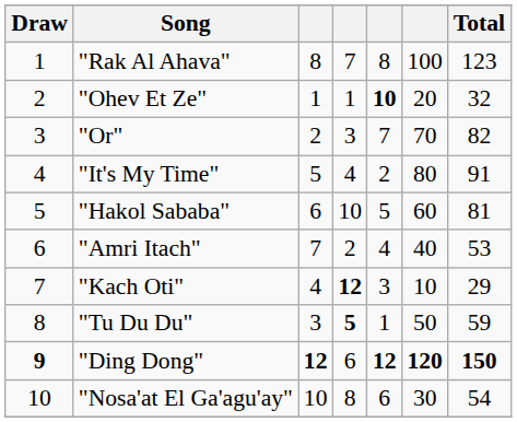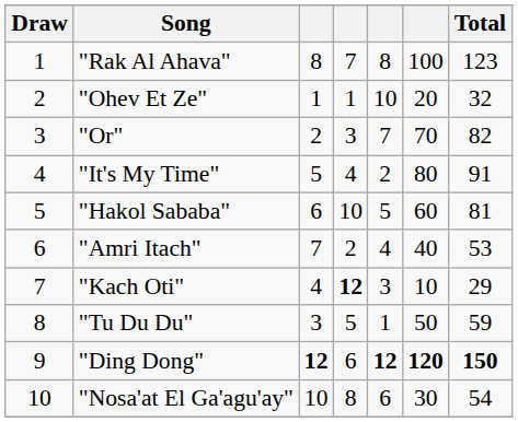 <table class="wikitable collapsible" style="margin: 1em auto 1em auto; text-align:center;">
 <tr>
 </tr>
 <tr>
 <th>Draw</th>
 <th>Song</th>
 <th></th>
 <th></th>
 <th></th>
 <th></th>
 <th>Total</th>
 </tr>
 <tr>
 <td>1</td>
 <td style="text-align:left;">"Rak Al Ahava"</td>
 <td>8</td>
 <td>7</td>
 <td>8</td>
 <td>100</td>
 <td>123</td>
 </tr>
 <tr>
 <td>2</td>
 <td style="text-align:left;">"Ohev Et Ze"</td>
 <td>1</td>
 <td>1</td>
-<td><strong>10</strong></td>
+<td>10</td>
 <td>20</td>
 <td>32</td>
 </tr>
 <tr>
 <td>3</td>
 <td style="text-align:left;">"Or"</td>
 <td>2</td>
 <td>3</td>
 <td>7</td>
 <td>70</td>
 <td>82</td>
 </tr>
 <tr>
 <td>4</td>
 <td style="text-align:left;">"It's My Time"</td>
 <td>5</td>
 <td>4</td>
 <td>2</td>
 <td>80</td>
 <td>91</td>
 </tr>
 <tr>
 <td>5</td>
 <td style="text-align:left;">"Hakol Sababa"</td>
 <td>6</td>
 <td>10</td>
 <td>5</td>
 <td>60</td>
 <td>81</td>
 </tr>
 <tr>
 <td>6</td>
 <td style="text-align:left;">"Amri Itach"</td>
 <td>7</td>
 <td>2</td>
 <td>4</td>
 <td>40</td>
 <td>53</td>
 </tr>
 <tr>
 <td>7</td>
 <td style="text-align:left;">"Kach Oti"</td>
 <td>4</td>
 <td><strong>12</strong></td>
 <td>3</td>
 <td>10</td>
 <td>29</td>
 </tr>
 <tr>
 <td>8</td>
 <td style="text-align:left;">"Tu Du Du"</td>
 <td>3</td>
-<td><strong>5</strong></td>
+<td>5</td>
 <td>1</td>
 <td>50</td>
 <td>59</td>
 </tr>
 <tr>
-<td><strong>9</strong></td>
+<td>9</td>
 <td style="text-align:left;">"Ding Dong"</td>
 <td><strong>12</strong></td>
 <td>6</td>
 <td><strong>12</strong></td>
 <td><strong>120</strong></td>
 <td><strong>150</strong></td>
 </tr>
 <tr>
 <td>10</td>
 <td style="text-align:left;">"Nosa'at El Ga'agu'ay"</td>
 <td>10</td>
 <td>8</td>
 <td>6</td>
 <td>30</td>
 <td>54</td>
 </tr>
 <tr>
 </tr>
 </table>
